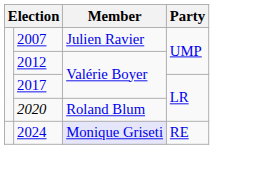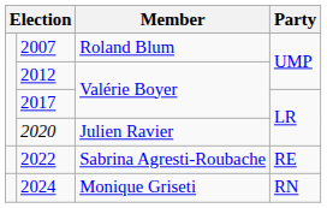 <table class="wikitable">
 <tr>
 <th colspan="2">Election</th>
 <th>Member</th>
 <th>Party</th>
 </tr>
 <tr>
 <td rowspan=4 style="background-color: "></td>
 <td><a href='#'>2007</a></td>
-<td><a href='#'>Julien Ravier</a></td>
+<td><a href='#'>Roland Blum</a></td>
 <td rowspan=2><a href='#'>UMP</a></td>
 </tr>
 <tr>
 <td><a href='#'>2012</a></td>
 <td rowspan=2><a href='#'>Valérie Boyer</a></td>
 </tr>
 <tr>
 <td><a href='#'>2017</a></td>
 <td rowspan="2"><a href='#'>LR</a></td>
 </tr>
 <tr>
 <td><em>2020</em></td>
-<td><a href='#'>Roland Blum</a></td>
+<td><a href='#'>Julien Ravier</a></td>
+</tr>
+<tr>
+<td style="color:inherit;background-color: "></td>
+<td><a href='#'>2022</a></td>
+<td><a href='#'>Sabrina Agresti-Roubache</a></td>
+<td><a href='#'>RE</a></td>
 </tr>
 <tr>
 <td style="color:inherit;background-color: "></td>
 <td><a href='#'>2024</a></td>
-<td style="background: lavender;"><a href='#'>Monique Griseti</a></td>
-<td><a href='#'>RE</a></td>
+<td><a href='#'>Monique Griseti</a></td>
+<td><a href='#'>RN</a></td>
 </tr>
 </table>
